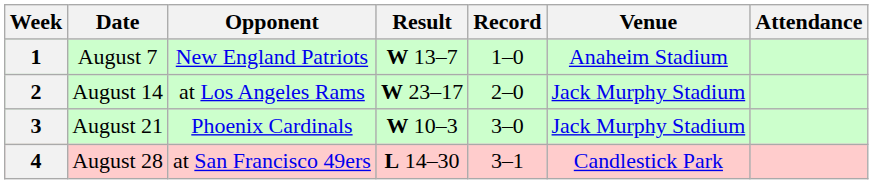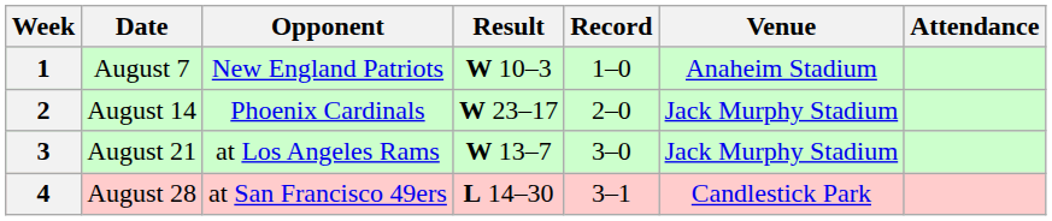 <table class="wikitable" style="text-align:center">
 <tr>
 <th>Week</th>
 <th>Date</th>
 <th>Opponent</th>
 <th>Result</th>
 <th>Record</th>
 <th>Venue</th>
 <th>Attendance</th>
 </tr>
 <tr style="background: #cfc;">
 <th>1</th>
 <td>August 7</td>
 <td><a href='#'>New England Patriots</a></td>
-<td><strong>W</strong> 13–7</td>
+<td><strong>W</strong> 10–3</td>
 <td>1–0</td>
 <td><a href='#'>Anaheim Stadium</a></td>
 <td></td>
 </tr>
 <tr style="background: #cfc;">
 <th>2</th>
 <td>August 14</td>
-<td>at <a href='#'>Los Angeles Rams</a></td>
+<td><a href='#'>Phoenix Cardinals</a></td>
 <td><strong>W</strong> 23–17</td>
 <td>2–0</td>
 <td><a href='#'>Jack Murphy Stadium</a></td>
 <td></td>
 </tr>
 <tr style="background: #cfc;">
 <th>3</th>
 <td>August 21</td>
-<td><a href='#'>Phoenix Cardinals</a></td>
-<td><strong>W</strong> 10–3</td>
+<td>at <a href='#'>Los Angeles Rams</a></td>
+<td><strong>W</strong> 13–7</td>
 <td>3–0</td>
 <td><a href='#'>Jack Murphy Stadium</a></td>
 <td></td>
 </tr>
 <tr style="background: #fcc;">
 <th>4</th>
 <td>August 28</td>
 <td>at <a href='#'>San Francisco 49ers</a></td>
 <td><strong>L</strong> 14–30</td>
 <td>3–1</td>
 <td><a href='#'>Candlestick Park</a></td>
 <td></td>
 </tr>
 </table>
